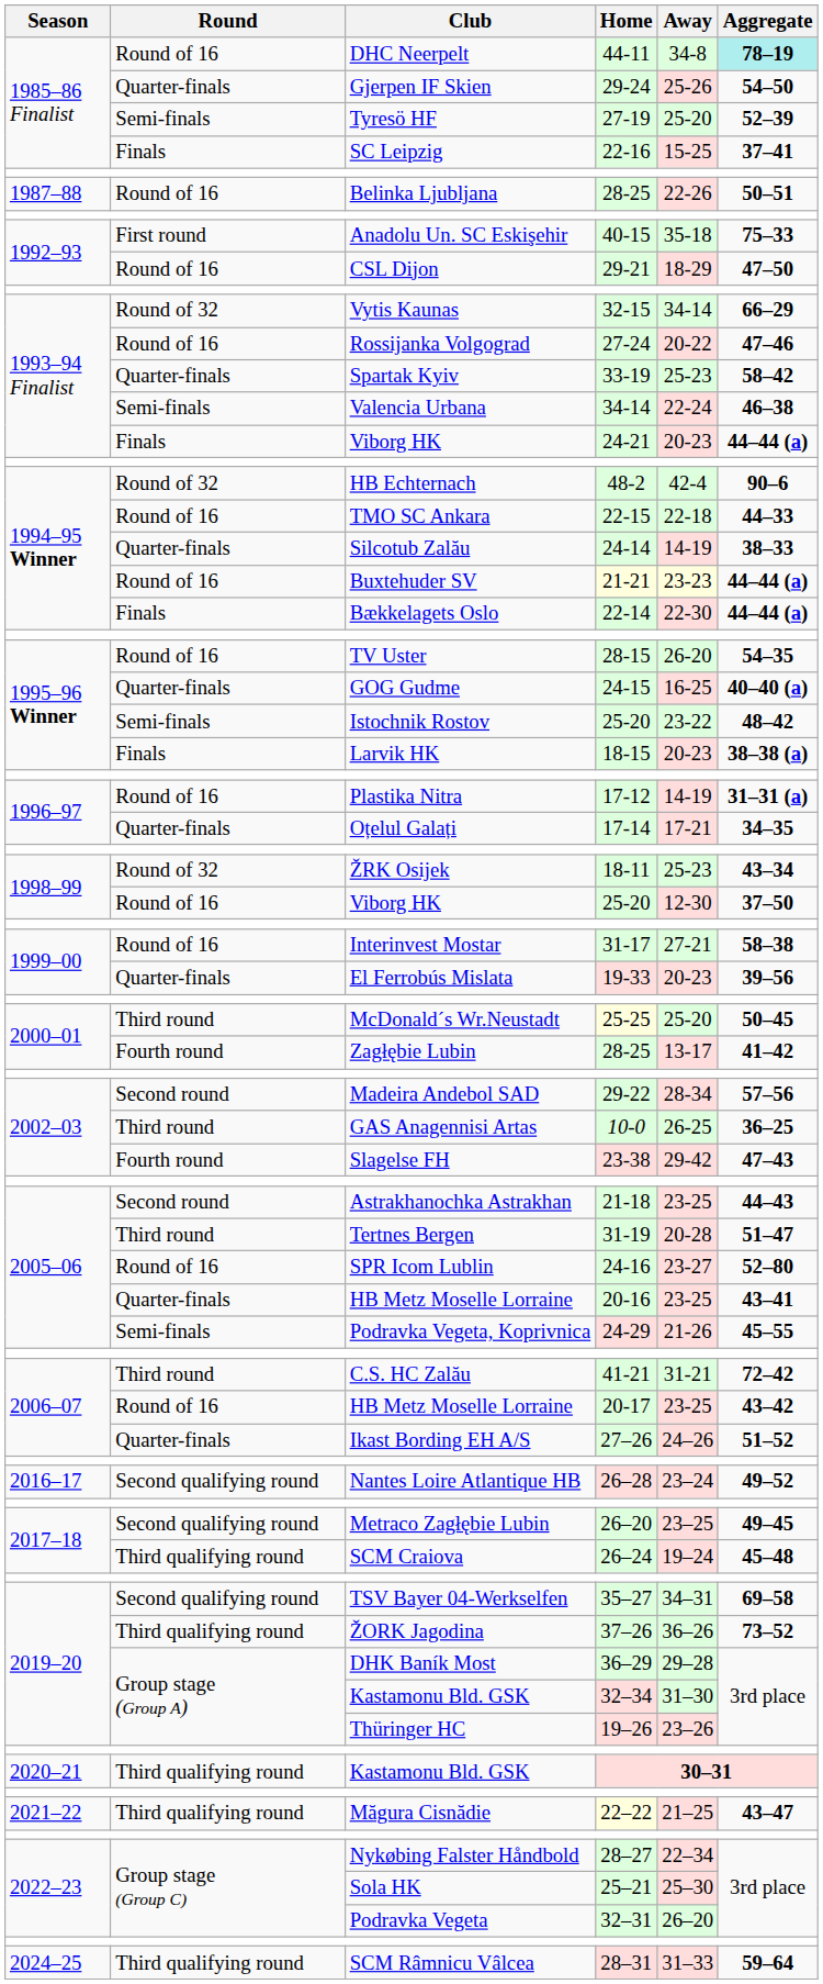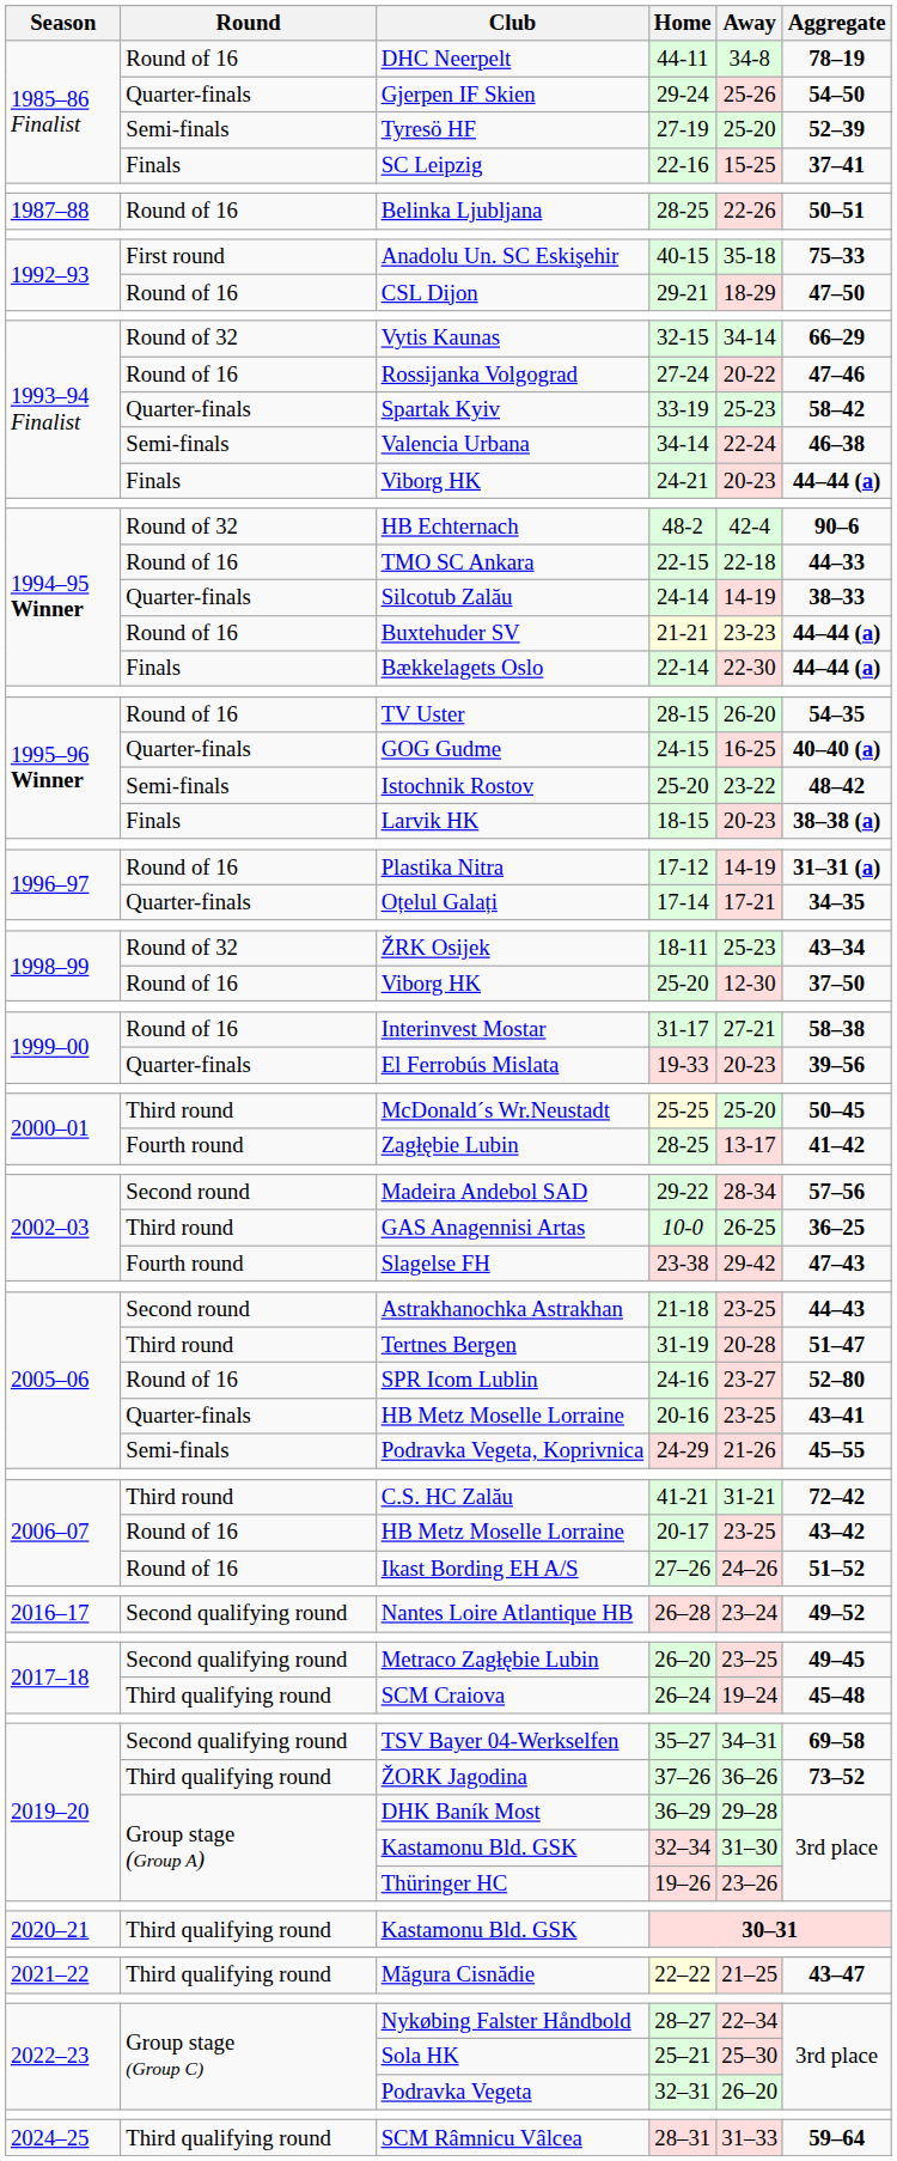 <table class="wikitable">
 <tr>
 <th width=75>Season</th>
 <th width=175>Round</th>
 <th>Club</th>
 <th>Home</th>
 <th>Away</th>
 <th>Aggregate</th>
 </tr>
 <tr>
 <td rowspan=4><a href='#'>1985–86</a><br> <em>Finalist</em></td>
 <td>Round of 16</td>
 <td> <a href='#'>DHC Neerpelt</a></td>
 <td style="text-align:center; background:#dfd;">44-11</td>
 <td style="text-align:center; background:#dfd;">34-8</td>
-<td style="background: paleturquoise; text-align:center;"><strong>78–19</strong></td>
+<td style="text-align:center;"><strong>78–19</strong></td>
 </tr>
 <tr>
 <td>Quarter-finals</td>
 <td> <a href='#'>Gjerpen IF Skien</a></td>
 <td style="text-align:center; background:#dfd;">29-24</td>
 <td style="text-align:center; background:#fdd;">25-26</td>
 <td style="text-align:center;"><strong>54–50</strong></td>
 </tr>
 <tr>
 <td>Semi-finals</td>
 <td> <a href='#'>Tyresö HF</a></td>
 <td style="text-align:center; background:#dfd;">27-19</td>
 <td style="text-align:center; background:#dfd;">25-20</td>
 <td style="text-align:center;"><strong>52–39</strong></td>
 </tr>
 <tr>
 <td>Finals</td>
 <td> <a href='#'>SC Leipzig</a></td>
 <td style="text-align:center; background:#dfd;">22-16</td>
 <td style="text-align:center; background:#fdd;">15-25</td>
 <td style="text-align:center;"><strong>37–41</strong></td>
 </tr>
 <tr>
 <td colspan=7 style="text-align: center;" bgcolor=white></td>
 </tr>
 <tr>
 <td rowspan=1><a href='#'>1987–88</a></td>
 <td>Round of 16</td>
 <td> <a href='#'>Belinka Ljubljana</a></td>
 <td style="text-align:center; background:#dfd;">28-25</td>
 <td style="text-align:center; background:#fdd;">22-26</td>
 <td style="text-align:center;"><strong>50–51</strong></td>
 </tr>
 <tr>
 <td colspan=7 style="text-align: center;" bgcolor=white></td>
 </tr>
 <tr>
 <td rowspan=2><a href='#'>1992–93</a></td>
 <td>First round</td>
 <td> <a href='#'>Anadolu Un. SC Eskişehir</a></td>
 <td style="text-align:center; background:#dfd;">40-15</td>
 <td style="text-align:center; background:#dfd;">35-18</td>
 <td style="text-align:center;"><strong>75–33</strong></td>
 </tr>
 <tr>
 <td>Round of 16</td>
 <td> <a href='#'>CSL Dijon</a></td>
 <td style="text-align:center; background:#dfd;">29-21</td>
 <td style="text-align:center; background:#fdd;">18-29</td>
 <td style="text-align:center;"><strong>47–50</strong></td>
 </tr>
 <tr>
 <td colspan=7 style="text-align: center;" bgcolor=white></td>
 </tr>
 <tr>
 <td rowspan=5><a href='#'>1993–94</a><br> <em>Finalist</em></td>
 <td>Round of 32</td>
 <td> <a href='#'>Vytis Kaunas</a></td>
 <td style="text-align:center; background:#dfd;">32-15</td>
 <td style="text-align:center; background:#dfd;">34-14</td>
 <td style="text-align:center;"><strong>66–29</strong></td>
 </tr>
 <tr>
 <td>Round of 16</td>
 <td> <a href='#'>Rossijanka Volgograd</a></td>
 <td style="text-align:center; background:#dfd;">27-24</td>
 <td style="text-align:center; background:#fdd;">20-22</td>
 <td style="text-align:center;"><strong>47–46</strong></td>
 </tr>
 <tr>
 <td>Quarter-finals</td>
 <td> <a href='#'>Spartak Kyiv</a></td>
 <td style="text-align:center; background:#dfd;">33-19</td>
 <td style="text-align:center; background:#dfd;">25-23</td>
 <td style="text-align:center;"><strong>58–42</strong></td>
 </tr>
 <tr>
 <td>Semi-finals</td>
 <td> <a href='#'>Valencia Urbana</a></td>
 <td style="text-align:center; background:#dfd;">34-14</td>
 <td style="text-align:center; background:#fdd;">22-24</td>
 <td style="text-align:center;"><strong>46–38</strong></td>
 </tr>
 <tr>
 <td>Finals</td>
 <td> <a href='#'>Viborg HK</a></td>
 <td style="text-align:center; background:#dfd;">24-21</td>
 <td style="text-align:center; background:#fdd;">20-23</td>
 <td style="text-align:center;"><strong>44–44 (<a href='#'>a</a>)</strong></td>
 </tr>
 <tr>
 <td colspan=7 style="text-align: center;" bgcolor=white></td>
 </tr>
 <tr>
 <td rowspan=5><a href='#'>1994–95</a><br> <strong>Winner</strong></td>
 <td>Round of 32</td>
 <td> <a href='#'>HB Echternach</a></td>
 <td style="text-align:center; background:#dfd;">48-2</td>
 <td style="text-align:center; background:#dfd;">42-4</td>
 <td style="text-align:center;"><strong>90–6</strong></td>
 </tr>
 <tr>
 <td>Round of 16</td>
 <td> <a href='#'>TMO SC Ankara</a></td>
 <td style="text-align:center; background:#dfd;">22-15</td>
 <td style="text-align:center; background:#dfd;">22-18</td>
 <td style="text-align:center;"><strong>44–33</strong></td>
 </tr>
 <tr>
 <td>Quarter-finals</td>
 <td> <a href='#'>Silcotub Zalău</a></td>
 <td style="text-align:center; background:#dfd;">24-14</td>
 <td style="text-align:center; background:#fdd;">14-19</td>
 <td style="text-align:center;"><strong>38–33</strong></td>
 </tr>
 <tr>
 <td>Round of 16</td>
 <td> <a href='#'>Buxtehuder SV</a></td>
 <td style="text-align:center; background:#ffd;">21-21</td>
 <td style="text-align:center; background:#ffd;">23-23</td>
 <td style="text-align:center;"><strong>44–44 (<a href='#'>a</a>)</strong></td>
 </tr>
 <tr>
 <td>Finals</td>
 <td> <a href='#'>Bækkelagets Oslo</a></td>
 <td style="text-align:center; background:#dfd;">22-14</td>
 <td style="text-align:center; background:#fdd;">22-30</td>
 <td style="text-align:center;"><strong>44–44 (<a href='#'>a</a>)</strong></td>
 </tr>
 <tr>
 <td colspan=7 style="text-align: center;" bgcolor=white></td>
 </tr>
 <tr>
 <td rowspan=4><a href='#'>1995–96</a><br> <strong>Winner</strong></td>
 <td>Round of 16</td>
 <td> <a href='#'>TV Uster</a></td>
 <td style="text-align:center; background:#dfd;">28-15</td>
 <td style="text-align:center; background:#dfd;">26-20</td>
 <td style="text-align:center;"><strong>54–35</strong></td>
 </tr>
 <tr>
 <td>Quarter-finals</td>
 <td> <a href='#'>GOG Gudme</a></td>
 <td style="text-align:center; background:#dfd;">24-15</td>
 <td style="text-align:center; background:#fdd;">16-25</td>
 <td style="text-align:center;"><strong>40–40 (<a href='#'>a</a>)</strong></td>
 </tr>
 <tr>
 <td>Semi-finals</td>
 <td> <a href='#'>Istochnik Rostov</a></td>
 <td style="text-align:center; background:#dfd;">25-20</td>
 <td style="text-align:center; background:#dfd;">23-22</td>
 <td style="text-align:center;"><strong>48–42</strong></td>
 </tr>
 <tr>
 <td>Finals</td>
 <td> <a href='#'>Larvik HK</a></td>
 <td style="text-align:center; background:#dfd;">18-15</td>
 <td style="text-align:center; background:#fdd;">20-23</td>
 <td style="text-align:center;"><strong>38–38 (<a href='#'>a</a>)</strong></td>
 </tr>
 <tr>
 <td colspan=7 style="text-align: center;" bgcolor=white></td>
 </tr>
 <tr>
 <td rowspan=2><a href='#'>1996–97</a></td>
 <td>Round of 16</td>
 <td> <a href='#'>Plastika Nitra</a></td>
 <td style="text-align:center; background:#dfd;">17-12</td>
 <td style="text-align:center; background:#fdd;">14-19</td>
 <td style="text-align:center;"><strong>31–31 (<a href='#'>a</a>)</strong></td>
 </tr>
 <tr>
 <td>Quarter-finals</td>
 <td> <a href='#'>Oțelul Galați</a></td>
 <td style="text-align:center; background:#dfd;">17-14</td>
 <td style="text-align:center; background:#fdd;">17-21</td>
 <td style="text-align:center;"><strong>34–35</strong></td>
 </tr>
 <tr>
 <td colspan=7 style="text-align: center;" bgcolor=white></td>
 </tr>
 <tr>
 <td rowspan=2><a href='#'>1998–99</a></td>
 <td>Round of 32</td>
 <td> <a href='#'>ŽRK Osijek</a></td>
 <td style="text-align:center; background:#dfd;">18-11</td>
 <td style="text-align:center; background:#dfd;">25-23</td>
 <td style="text-align:center;"><strong>43–34</strong></td>
 </tr>
 <tr>
 <td>Round of 16</td>
 <td> <a href='#'>Viborg HK</a></td>
 <td style="text-align:center; background:#dfd;">25-20</td>
 <td style="text-align:center; background:#fdd;">12-30</td>
 <td style="text-align:center;"><strong>37–50</strong></td>
 </tr>
 <tr>
 <td colspan=7 style="text-align: center;" bgcolor=white></td>
 </tr>
 <tr>
 <td rowspan=2><a href='#'>1999–00</a></td>
 <td>Round of 16</td>
 <td> <a href='#'>Interinvest Mostar</a></td>
 <td style="text-align:center; background:#dfd;">31-17</td>
 <td style="text-align:center; background:#dfd;">27-21</td>
 <td style="text-align:center;"><strong>58–38</strong></td>
 </tr>
 <tr>
 <td>Quarter-finals</td>
 <td> <a href='#'>El Ferrobús Mislata</a></td>
 <td style="text-align:center; background:#fdd;">19-33</td>
 <td style="text-align:center; background:#fdd;">20-23</td>
 <td style="text-align:center;"><strong>39–56</strong></td>
 </tr>
 <tr>
 <td colspan=7 style="text-align: center;" bgcolor=white></td>
 </tr>
 <tr>
 <td rowspan=2><a href='#'>2000–01</a></td>
 <td>Third round</td>
 <td> <a href='#'>McDonald´s Wr.Neustadt</a></td>
 <td style="text-align:center; background:#ffd;">25-25</td>
 <td style="text-align:center; background:#dfd;">25-20</td>
 <td style="text-align:center;"><strong>50–45</strong></td>
 </tr>
 <tr>
 <td>Fourth round</td>
 <td> <a href='#'>Zagłębie Lubin</a></td>
 <td style="text-align:center; background:#dfd;">28-25</td>
 <td style="text-align:center; background:#fdd;">13-17</td>
 <td style="text-align:center;"><strong>41–42</strong></td>
 </tr>
 <tr>
 <td colspan=7 style="text-align: center;" bgcolor=white></td>
 </tr>
 <tr>
 <td rowspan=3><a href='#'>2002–03</a></td>
 <td>Second round</td>
 <td> <a href='#'>Madeira Andebol SAD</a></td>
 <td style="text-align:center; background:#dfd;">29-22</td>
 <td style="text-align:center; background:#fdd;">28-34</td>
 <td style="text-align:center;"><strong>57–56</strong></td>
 </tr>
 <tr>
 <td>Third round</td>
 <td> <a href='#'>GAS Anagennisi Artas</a></td>
 <td style="text-align:center; background:#dfd;"><em>10-0</em></td>
 <td style="text-align:center; background:#dfd;">26-25</td>
 <td style="text-align:center;"><strong>36–25</strong></td>
 </tr>
 <tr>
 <td>Fourth round</td>
 <td> <a href='#'>Slagelse FH</a></td>
 <td style="text-align:center; background:#fdd;">23-38</td>
 <td style="text-align:center; background:#fdd;">29-42</td>
 <td style="text-align:center;"><strong>47–43</strong></td>
 </tr>
 <tr>
 <td colspan=7 style="text-align: center;" bgcolor=white></td>
 </tr>
 <tr>
 <td rowspan=5><a href='#'>2005–06</a></td>
 <td>Second round</td>
 <td> <a href='#'>Astrakhanochka Astrakhan</a></td>
 <td style="text-align:center; background:#dfd;">21-18</td>
 <td style="text-align:center; background:#fdd;">23-25</td>
 <td style="text-align:center;"><strong>44–43</strong></td>
 </tr>
 <tr>
 <td>Third round</td>
 <td> <a href='#'>Tertnes Bergen</a></td>
 <td style="text-align:center; background:#dfd;">31-19</td>
 <td style="text-align:center; background:#fdd;">20-28</td>
 <td style="text-align:center;"><strong>51–47</strong></td>
 </tr>
 <tr>
 <td>Round of 16</td>
 <td> <a href='#'>SPR Icom Lublin</a></td>
 <td style="text-align:center; background:#dfd;">24-16</td>
 <td style="text-align:center; background:#fdd;">23-27</td>
 <td style="text-align:center;"><strong>52–80</strong></td>
 </tr>
 <tr>
 <td>Quarter-finals</td>
 <td> <a href='#'>HB Metz Moselle Lorraine</a></td>
 <td style="text-align:center; background:#dfd;">20-16</td>
 <td style="text-align:center; background:#fdd;">23-25</td>
 <td style="text-align:center;"><strong>43–41</strong></td>
 </tr>
 <tr>
 <td>Semi-finals</td>
 <td> <a href='#'>Podravka Vegeta, Koprivnica</a></td>
 <td style="text-align:center; background:#fdd;">24-29</td>
 <td style="text-align:center; background:#fdd;">21-26</td>
 <td style="text-align:center;"><strong>45–55</strong></td>
 </tr>
 <tr>
 <td colspan=7 style="text-align: center;" bgcolor=white></td>
 </tr>
 <tr>
 <td rowspan=3><a href='#'>2006–07</a></td>
 <td>Third round</td>
 <td> <a href='#'>C.S. HC Zalău</a></td>
 <td style="text-align:center; background:#dfd;">41-21</td>
 <td style="text-align:center; background:#dfd;">31-21</td>
 <td style="text-align:center;"><strong>72–42</strong></td>
 </tr>
 <tr>
 <td>Round of 16</td>
 <td> <a href='#'>HB Metz Moselle Lorraine</a></td>
 <td style="text-align:center; background:#dfd;">20-17</td>
 <td style="text-align:center; background:#fdd;">23-25</td>
 <td style="text-align:center;"><strong>43–42</strong></td>
 </tr>
 <tr>
-<td>Quarter-finals</td>
+<td>Round of 16</td>
 <td> <a href='#'>Ikast Bording EH A/S</a></td>
 <td style="text-align:center; background:#dfd;">27–26</td>
 <td style="text-align:center; background:#fdd;">24–26</td>
 <td style="text-align:center;"><strong>51–52</strong></td>
 </tr>
 <tr>
 <td colspan=7 style="text-align: center;" bgcolor=white></td>
 </tr>
 <tr>
 <td rowspan=1><a href='#'>2016–17</a></td>
 <td>Second qualifying round</td>
 <td> <a href='#'>Nantes Loire Atlantique HB</a></td>
 <td style="text-align:center; background:#fdd;">26–28</td>
 <td style="text-align:center; background:#fdd;">23–24</td>
 <td style="text-align:center;"><strong>49–52</strong></td>
 </tr>
 <tr>
 <td colspan=7 style="text-align: center;" bgcolor=white></td>
 </tr>
 <tr>
 <td rowspan=2><a href='#'>2017–18</a></td>
 <td>Second qualifying round</td>
 <td> <a href='#'>Metraco Zagłębie Lubin</a></td>
 <td style="text-align:center; background:#dfd;">26–20</td>
 <td style="text-align:center; background:#fdd;">23–25</td>
 <td style="text-align:center;"><strong>49–45</strong></td>
 </tr>
 <tr>
 <td>Third qualifying round</td>
 <td> <a href='#'>SCM Craiova</a></td>
 <td style="text-align:center; background:#dfd;">26–24</td>
 <td style="text-align:center; background:#fdd;">19–24</td>
 <td style="text-align:center;"><strong>45–48</strong></td>
 </tr>
 <tr>
 <td colspan=7 style="text-align: center;" bgcolor=white></td>
 </tr>
 <tr>
 <td rowspan=5><a href='#'>2019–20</a></td>
 <td>Second qualifying round</td>
 <td> <a href='#'>TSV Bayer 04-Werkselfen</a></td>
 <td style="text-align:center; background:#dfd;">35–27</td>
 <td style="text-align:center; background:#dfd;">34–31</td>
 <td style="text-align:center;"><strong>69–58</strong></td>
 </tr>
 <tr>
 <td>Third qualifying round</td>
 <td> <a href='#'>ŽORK Jagodina</a></td>
 <td style="text-align:center; background:#dfd;">37–26</td>
 <td style="text-align:center; background:#dfd;">36–26</td>
 <td style="text-align:center;"><strong>73–52</strong></td>
 </tr>
 <tr>
 <td rowspan=3>Group stage<br><em>(<small>Group A</small>)</em></td>
 <td> <a href='#'>DHK Baník Most</a></td>
 <td style="text-align:center; background:#dfd;">36–29</td>
 <td style="text-align:center; background:#dfd;">29–28</td>
 <td align=center rowspan=3>3rd place</td>
 </tr>
 <tr>
 <td> <a href='#'>Kastamonu Bld. GSK</a></td>
 <td style="text-align:center; background:#fdd;">32–34</td>
 <td style="text-align:center; background:#dfd;">31–30</td>
 </tr>
 <tr>
 <td> <a href='#'>Thüringer HC</a></td>
 <td style="text-align:center; background:#fdd;">19–26</td>
 <td style="text-align:center; background:#fdd;">23–26</td>
 </tr>
 <tr>
 <td colspan=7 style="text-align: center;" bgcolor=white></td>
 </tr>
 <tr>
 <td rowspan=1><a href='#'>2020–21</a></td>
 <td>Third qualifying round</td>
 <td> <a href='#'>Kastamonu Bld. GSK</a></td>
 <td colspan=3; style="text-align:center; background:#fdd;"><strong>30–31</strong></td>
 </tr>
 <tr>
 <td colspan=7 style="text-align: center;" bgcolor=white></td>
 </tr>
 <tr>
 <td rowspan=1><a href='#'>2021–22</a></td>
 <td>Third qualifying round</td>
 <td> <a href='#'>Măgura Cisnădie</a></td>
 <td style="text-align:center; background:#ffd;">22–22</td>
 <td style="text-align:center; background:#fdd;">21–25</td>
 <td style="text-align:center;"><strong>43–47</strong></td>
 </tr>
 <tr>
 <td colspan=7 style="text-align: center;" bgcolor=white></td>
 </tr>
 <tr>
 <td rowspan=3><a href='#'>2022–23</a></td>
 <td rowspan=3>Group stage <br><small><em>(Group C)</em></small></td>
 <td> <a href='#'>Nykøbing Falster Håndbold</a></td>
 <td style="text-align:center; background:#dfd;">28–27</td>
 <td style="text-align:center; background:#fdd;">22–34</td>
 <td align=center rowspan=3>3rd place</td>
 </tr>
 <tr>
 <td> <a href='#'>Sola HK</a></td>
 <td style="text-align:center; background:#dfd;">25–21</td>
 <td style="text-align:center; background:#fdd;">25–30</td>
 </tr>
 <tr>
 <td> <a href='#'>Podravka Vegeta</a></td>
 <td style="text-align:center; background:#dfd;">32–31</td>
 <td style="text-align:center; background:#dfd;">26–20</td>
 </tr>
 <tr>
 <td colspan=7 style="text-align: center;" bgcolor=white></td>
 </tr>
 <tr>
 <td rowspan=1><a href='#'>2024–25</a></td>
 <td>Third qualifying round</td>
 <td> <a href='#'>SCM Râmnicu Vâlcea</a></td>
 <td style="text-align:center; background:#fdd;">28–31</td>
 <td style="text-align:center; background:#fdd;">31–33</td>
 <td style="text-align:center;"><strong>59–64</strong></td>
 </tr>
 <tr>
 </tr>
 </table>
